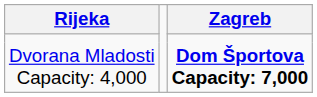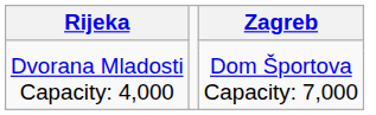 <table class="wikitable" style="text-align:center;">
 <tr>
 <th><a href='#'>Rijeka</a></th>
 <td rowspan="3"></td>
 <th><a href='#'>Zagreb</a></th>
 </tr>
 <tr>
 <td style="border:none;"></td>
 <td style="border:none;"></td>
 </tr>
 <tr>
 <td style="border-top:none;"><a href='#'>Dvorana Mladosti</a><br>Capacity: 4,000</td>
-<td style="border-top:none;"><strong><a href='#'>Dom Športova</a><br>Capacity: 7,000</strong></td>
+<td style="border-top:none;"><a href='#'>Dom Športova</a><br>Capacity: 7,000</td>
 </tr>
 </table>
